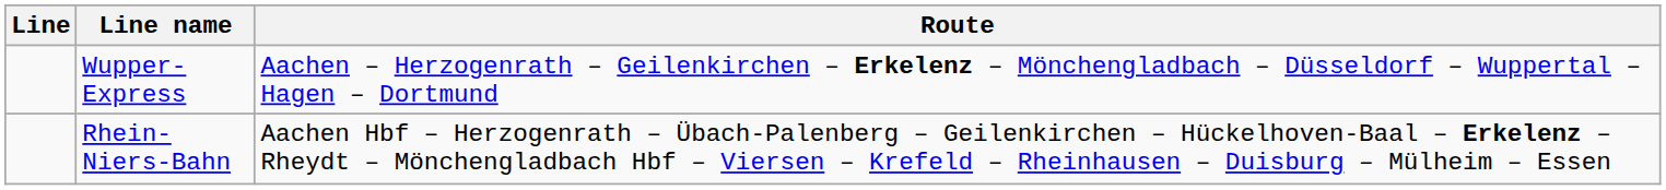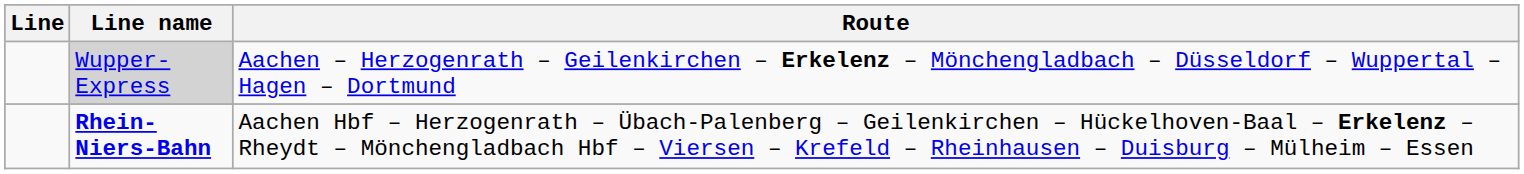 <table class="wikitable">
 <tr>
 <th>Line</th>
 <th>Line name</th>
 <th colspan="3">Route</th>
 </tr>
 <tr>
 <td></td>
-<td><a href='#'>Wupper-Express</a></td>
+<td style="background: lightgrey;"><a href='#'>Wupper-Express</a></td>
 <td colspan="2"><a href='#'>Aachen</a> – <a href='#'>Herzogenrath</a> – <a href='#'>Geilenkirchen</a> – <strong>Erkelenz</strong> – <a href='#'>Mönchengladbach</a> – <a href='#'>Düsseldorf</a> – <a href='#'>Wuppertal</a> – <a href='#'>Hagen</a> – <a href='#'>Dortmund</a></td>
 </tr>
 <tr>
 <td></td>
-<td><a href='#'>Rhein-Niers-Bahn</a></td>
+<td><strong><a href='#'>Rhein-Niers-Bahn</a></strong></td>
 <td colspan="2">Aachen Hbf – Herzogenrath – Übach-Palenberg – Geilenkirchen – Hückelhoven-Baal – <strong>Erkelenz</strong> – Rheydt – Mönchengladbach Hbf – <a href='#'>Viersen</a> – <a href='#'>Krefeld</a> – <a href='#'>Rheinhausen</a> – <a href='#'>Duisburg</a> – Mülheim – Essen</td>
 </tr>
 </table>
